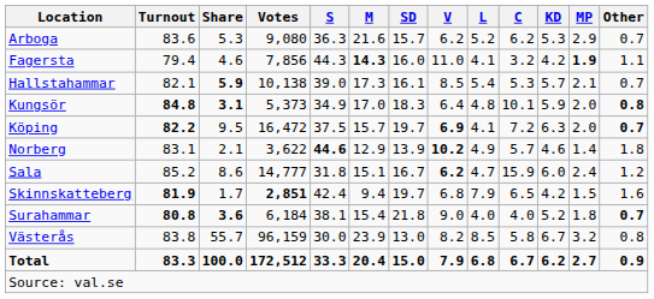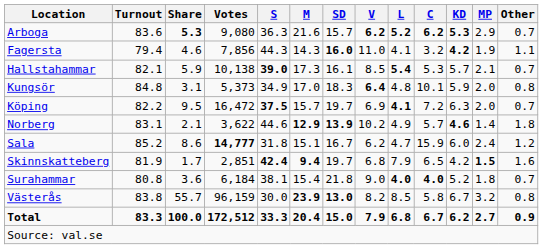 <table class="wikitable sortable" style=text-align:right>
 <tr>
 <th>Location</th>
 <th>Turnout</th>
 <th>Share</th>
 <th>Votes</th>
 <th><a href='#'>S</a></th>
 <th><a href='#'>M</a></th>
 <th><a href='#'>SD</a></th>
 <th><a href='#'>V</a></th>
 <th><a href='#'>L</a></th>
 <th><a href='#'>C</a></th>
 <th><a href='#'>KD</a></th>
 <th><a href='#'>MP</a></th>
 <th>Other</th>
 </tr>
 <tr>
 <td align=left><a href='#'>Arboga</a></td>
 <td>83.6</td>
-<td>5.3</td>
+<td><strong>5.3</strong></td>
 <td>9,080</td>
 <td>36.3</td>
 <td>21.6</td>
 <td>15.7</td>
-<td>6.2</td>
-<td>5.2</td>
-<td>6.2</td>
-<td>5.3</td>
+<td><strong>6.2</strong></td>
+<td><strong>5.2</strong></td>
+<td><strong>6.2</strong></td>
+<td><strong>5.3</strong></td>
 <td>2.9</td>
 <td>0.7</td>
 </tr>
 <tr>
 <td align=left><a href='#'>Fagersta</a></td>
 <td>79.4</td>
 <td>4.6</td>
 <td>7,856</td>
 <td>44.3</td>
-<td><strong>14.3</strong></td>
-<td>16.0</td>
+<td>14.3</td>
+<td><strong>16.0</strong></td>
 <td>11.0</td>
 <td>4.1</td>
 <td>3.2</td>
-<td>4.2</td>
-<td><strong>1.9</strong></td>
+<td><strong>4.2</strong></td>
+<td>1.9</td>
 <td>1.1</td>
 </tr>
 <tr>
 <td align=left><a href='#'>Hallstahammar</a></td>
 <td>82.1</td>
-<td><strong>5.9</strong></td>
+<td>5.9</td>
 <td>10,138</td>
-<td>39.0</td>
+<td><strong>39.0</strong></td>
 <td>17.3</td>
 <td>16.1</td>
 <td>8.5</td>
-<td>5.4</td>
+<td><strong>5.4</strong></td>
 <td>5.3</td>
 <td>5.7</td>
 <td>2.1</td>
 <td>0.7</td>
 </tr>
 <tr>
 <td align=left><a href='#'>Kungsör</a></td>
-<td><strong>84.8</strong></td>
-<td><strong>3.1</strong></td>
+<td>84.8</td>
+<td>3.1</td>
 <td>5,373</td>
 <td>34.9</td>
 <td>17.0</td>
 <td>18.3</td>
-<td>6.4</td>
+<td><strong>6.4</strong></td>
 <td>4.8</td>
 <td>10.1</td>
 <td>5.9</td>
 <td>2.0</td>
-<td><strong>0.8</strong></td>
+<td>0.8</td>
 </tr>
 <tr>
 <td align=left><a href='#'>Köping</a></td>
-<td><strong>82.2</strong></td>
+<td>82.2</td>
 <td>9.5</td>
 <td>16,472</td>
-<td>37.5</td>
+<td><strong>37.5</strong></td>
 <td>15.7</td>
 <td>19.7</td>
-<td><strong>6.9</strong></td>
-<td>4.1</td>
+<td>6.9</td>
+<td><strong>4.1</strong></td>
 <td>7.2</td>
 <td>6.3</td>
 <td>2.0</td>
-<td><strong>0.7</strong></td>
+<td>0.7</td>
 </tr>
 <tr>
 <td align=left><a href='#'>Norberg</a></td>
 <td>83.1</td>
 <td>2.1</td>
 <td>3,622</td>
-<td><strong>44.6</strong></td>
-<td>12.9</td>
-<td>13.9</td>
-<td><strong>10.2</strong></td>
+<td>44.6</td>
+<td><strong>12.9</strong></td>
+<td><strong>13.9</strong></td>
+<td>10.2</td>
 <td>4.9</td>
 <td>5.7</td>
-<td>4.6</td>
+<td><strong>4.6</strong></td>
 <td>1.4</td>
 <td>1.8</td>
 </tr>
 <tr>
 <td align=left><a href='#'>Sala</a></td>
 <td>85.2</td>
 <td>8.6</td>
-<td>14,777</td>
+<td><strong>14,777</strong></td>
 <td>31.8</td>
 <td>15.1</td>
 <td>16.7</td>
-<td><strong>6.2</strong></td>
+<td>6.2</td>
 <td>4.7</td>
 <td>15.9</td>
 <td>6.0</td>
 <td>2.4</td>
 <td>1.2</td>
 </tr>
 <tr>
 <td align=left><a href='#'>Skinnskatteberg</a></td>
-<td><strong>81.9</strong></td>
+<td>81.9</td>
 <td>1.7</td>
-<td><strong>2,851</strong></td>
-<td>42.4</td>
-<td>9.4</td>
+<td>2,851</td>
+<td><strong>42.4</strong></td>
+<td><strong>9.4</strong></td>
 <td>19.7</td>
 <td>6.8</td>
 <td>7.9</td>
 <td>6.5</td>
 <td>4.2</td>
-<td>1.5</td>
+<td><strong>1.5</strong></td>
 <td>1.6</td>
 </tr>
 <tr>
 <td align=left><a href='#'>Surahammar</a></td>
-<td><strong>80.8</strong></td>
-<td><strong>3.6</strong></td>
+<td>80.8</td>
+<td>3.6</td>
 <td>6,184</td>
 <td>38.1</td>
 <td>15.4</td>
 <td>21.8</td>
 <td>9.0</td>
-<td>4.0</td>
-<td>4.0</td>
+<td><strong>4.0</strong></td>
+<td><strong>4.0</strong></td>
 <td>5.2</td>
 <td>1.8</td>
-<td><strong>0.7</strong></td>
+<td>0.7</td>
 </tr>
 <tr>
 <td align=left><a href='#'>Västerås</a></td>
 <td>83.8</td>
 <td>55.7</td>
 <td>96,159</td>
 <td>30.0</td>
-<td>23.9</td>
-<td>13.0</td>
+<td><strong>23.9</strong></td>
+<td><strong>13.0</strong></td>
 <td>8.2</td>
 <td>8.5</td>
 <td>5.8</td>
 <td>6.7</td>
 <td>3.2</td>
 <td>0.8</td>
 </tr>
 <tr>
 <td align=left><strong>Total</strong></td>
 <td><strong>83.3</strong></td>
 <td><strong>100.0</strong></td>
 <td><strong>172,512</strong></td>
 <td><strong>33.3</strong></td>
 <td><strong>20.4</strong></td>
 <td><strong>15.0</strong></td>
 <td><strong>7.9</strong></td>
 <td><strong>6.8</strong></td>
 <td><strong>6.7</strong></td>
 <td><strong>6.2</strong></td>
 <td><strong>2.7</strong></td>
 <td><strong>0.9</strong></td>
 </tr>
 <tr>
 <td align=left colspan=13>Source: val.se</td>
 </tr>
 </table>
